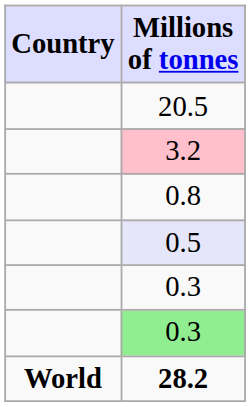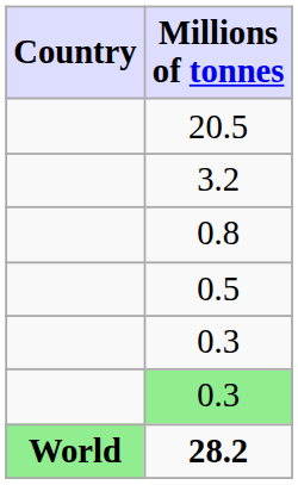 <table class="wikitable" style="float:right; clear:right; text-align:center;">
 <tr>
 <th style="background:#ddf;">Country</th>
 <th style="background:#ddf;">Millions<br> of <a href='#'>tonnes</a></th>
 </tr>
 <tr>
 <td></td>
 <td>20.5</td>
 </tr>
 <tr>
 <td></td>
-<td style="background: pink;">3.2</td>
+<td>3.2</td>
 </tr>
 <tr>
 <td></td>
 <td>0.8</td>
 </tr>
 <tr>
 <td></td>
-<td style="background: lavender;">0.5</td>
+<td>0.5</td>
 </tr>
 <tr>
 <td></td>
 <td>0.3</td>
 </tr>
 <tr>
 <td></td>
 <td style="background: lightgreen;">0.3</td>
 </tr>
 <tr>
-<td><strong>World</strong></td>
+<td style="background: lightgreen;"><strong>World</strong></td>
 <td><strong>28.2</strong></td>
 </tr>
 </table>
